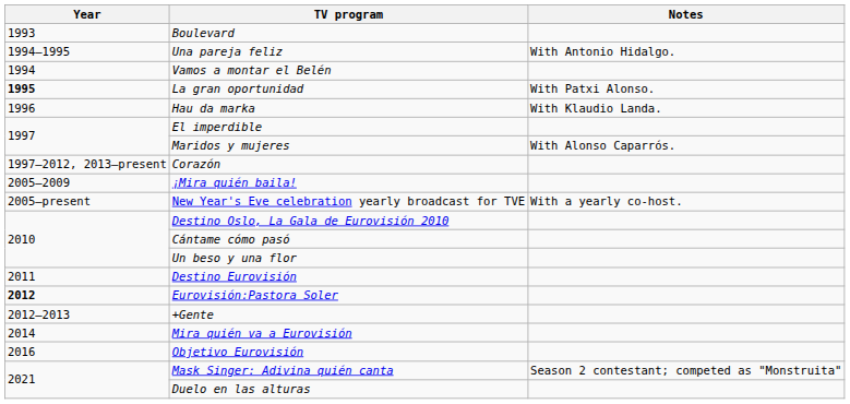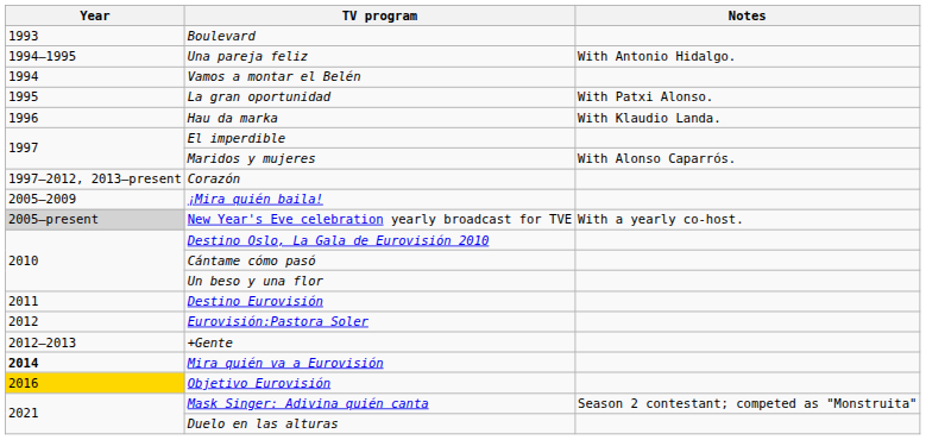 <table class="wikitable sortable">
 <tr>
 <th>Year</th>
 <th>TV program</th>
 <th colspan=2>Notes</th>
 </tr>
 <tr>
 <td>1993</td>
 <td><em>Boulevard</em></td>
 <td colspan=2></td>
 </tr>
 <tr>
 <td>1994–1995</td>
 <td><em>Una pareja feliz</em></td>
 <td colspan=2>With Antonio Hidalgo.</td>
 </tr>
 <tr>
 <td>1994</td>
 <td><em>Vamos a montar el Belén</em></td>
 <td colspan=2></td>
 </tr>
 <tr>
-<td><strong>1995</strong></td>
+<td>1995</td>
 <td><em>La gran oportunidad</em></td>
 <td colspan=2>With Patxi Alonso.</td>
 </tr>
 <tr>
 <td>1996</td>
 <td><em>Hau da marka</em></td>
 <td colspan=2>With Klaudio Landa.</td>
 </tr>
 <tr>
 <td rowspan=2>1997</td>
 <td><em>El imperdible</em></td>
 <td colspan=2></td>
 </tr>
 <tr>
 <td><em>Maridos y mujeres</em></td>
 <td colspan=2>With Alonso Caparrós.</td>
 </tr>
 <tr>
 <td>1997–2012, 2013–present</td>
 <td><em>Corazón</em></td>
 <td colspan=2></td>
 </tr>
 <tr>
 <td>2005–2009</td>
 <td><em><a href='#'>¡Mira quién baila!</a></em></td>
 <td colspan=2></td>
 </tr>
 <tr>
-<td>2005–present</td>
+<td style="background: lightgrey;">2005–present</td>
 <td><a href='#'>New Year's Eve celebration</a> yearly broadcast for TVE</td>
 <td colspan=2>With a yearly co-host.</td>
 </tr>
 <tr>
 <td rowspan=3>2010</td>
 <td><em><a href='#'>Destino Oslo, La Gala de Eurovisión 2010</a></em></td>
 <td colspan=2></td>
 </tr>
 <tr>
 <td><em>Cántame cómo pasó</em></td>
 <td colspan=2></td>
 </tr>
 <tr>
 <td><em>Un beso y una flor</em></td>
 <td colspan=2></td>
 </tr>
 <tr>
 <td>2011</td>
 <td><em><a href='#'>Destino Eurovisión</a></em></td>
 <td colspan=2></td>
 </tr>
 <tr>
-<td><strong>2012</strong></td>
+<td>2012</td>
 <td><em><a href='#'>Eurovisión:Pastora Soler</a></em></td>
 <td colspan=2></td>
 </tr>
 <tr>
 <td>2012–2013</td>
 <td><em>+Gente</em></td>
 <td colspan=2></td>
 </tr>
 <tr>
-<td>2014</td>
+<td><strong>2014</strong></td>
 <td><em><a href='#'>Mira quién va a Eurovisión</a></em></td>
 <td colspan=2></td>
 </tr>
 <tr>
-<td>2016</td>
+<td style="background: gold;">2016</td>
 <td><em><a href='#'>Objetivo Eurovisión</a></em></td>
 <td colspan=2></td>
 </tr>
 <tr>
 <td rowspan="2">2021</td>
 <td><em><a href='#'>Mask Singer: Adivina quién canta</a></em></td>
 <td colspan=2>Season 2 contestant; competed as "Monstruita"</td>
 </tr>
 <tr>
 <td><em>Duelo en las alturas</em></td>
 <td colspan=2></td>
 </tr>
 </table>
